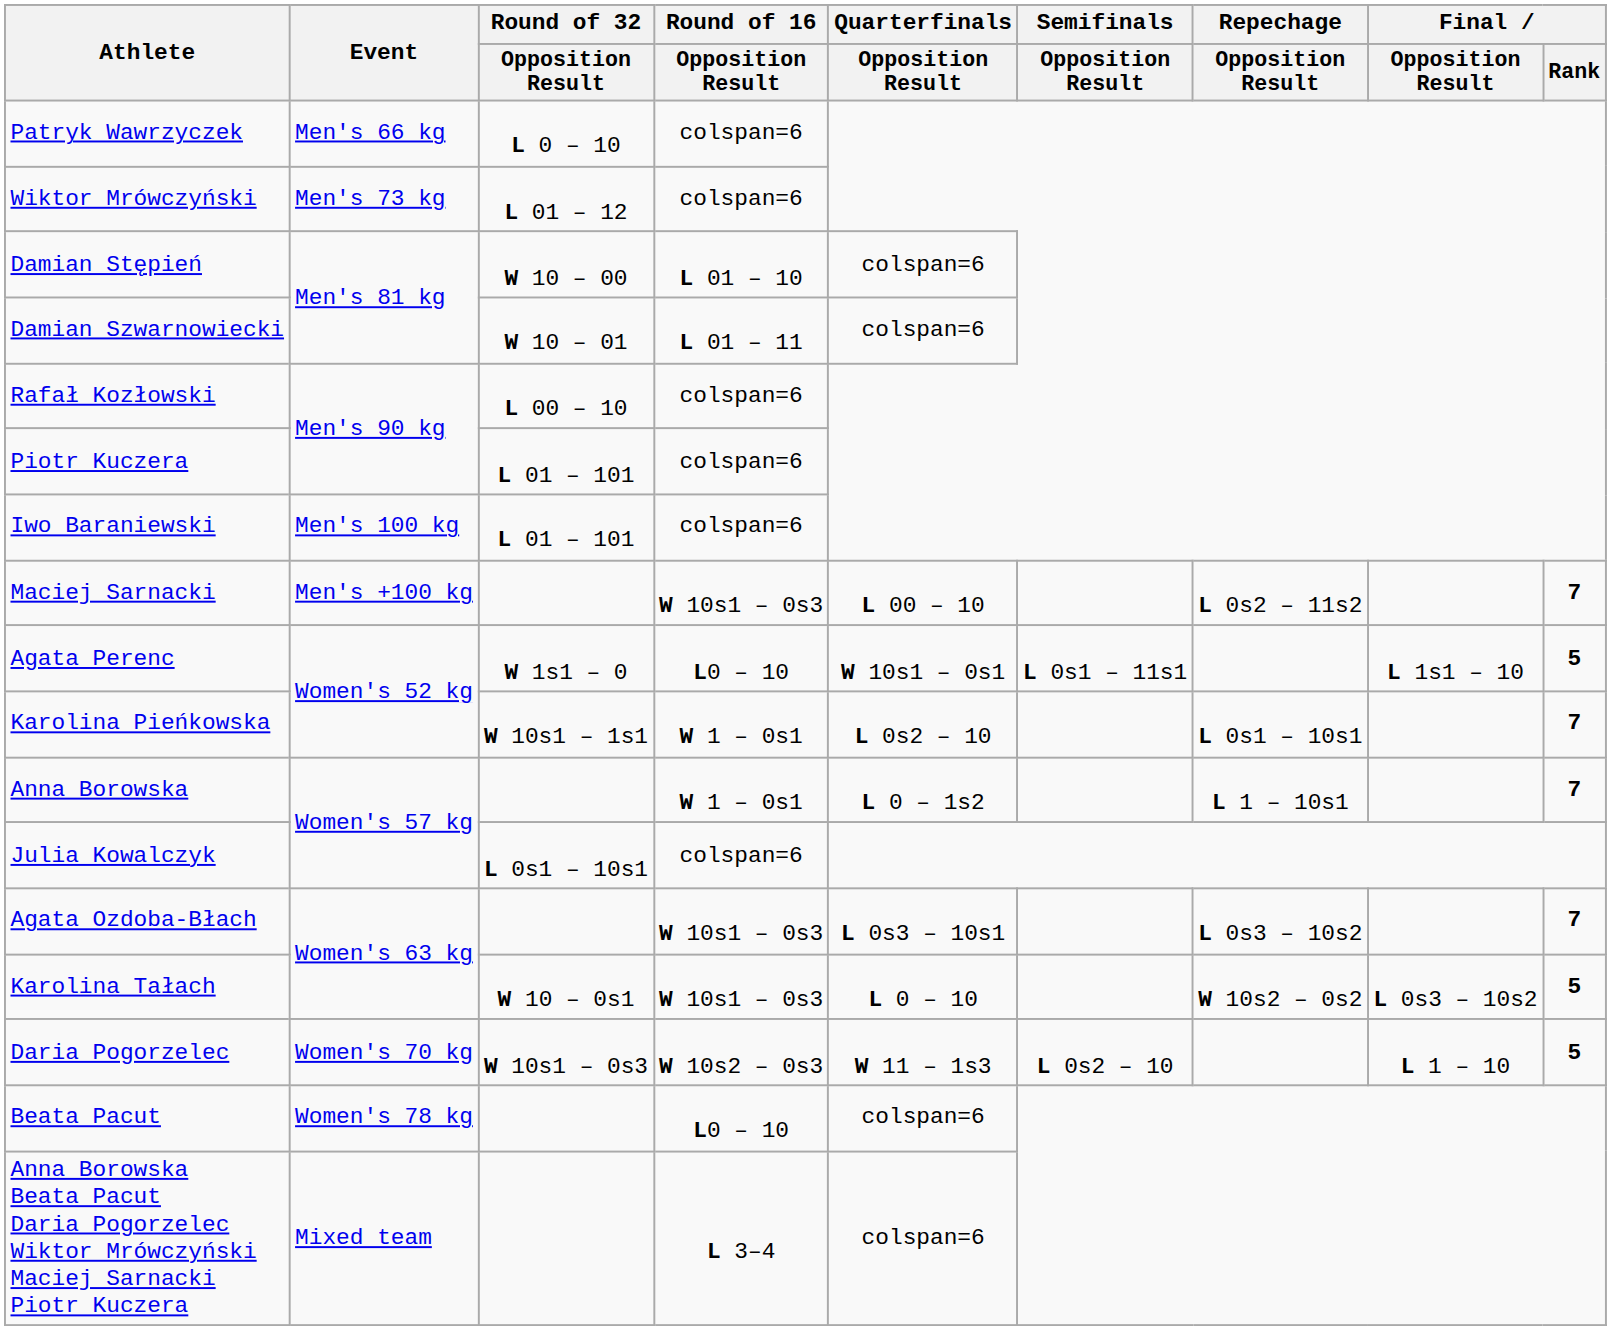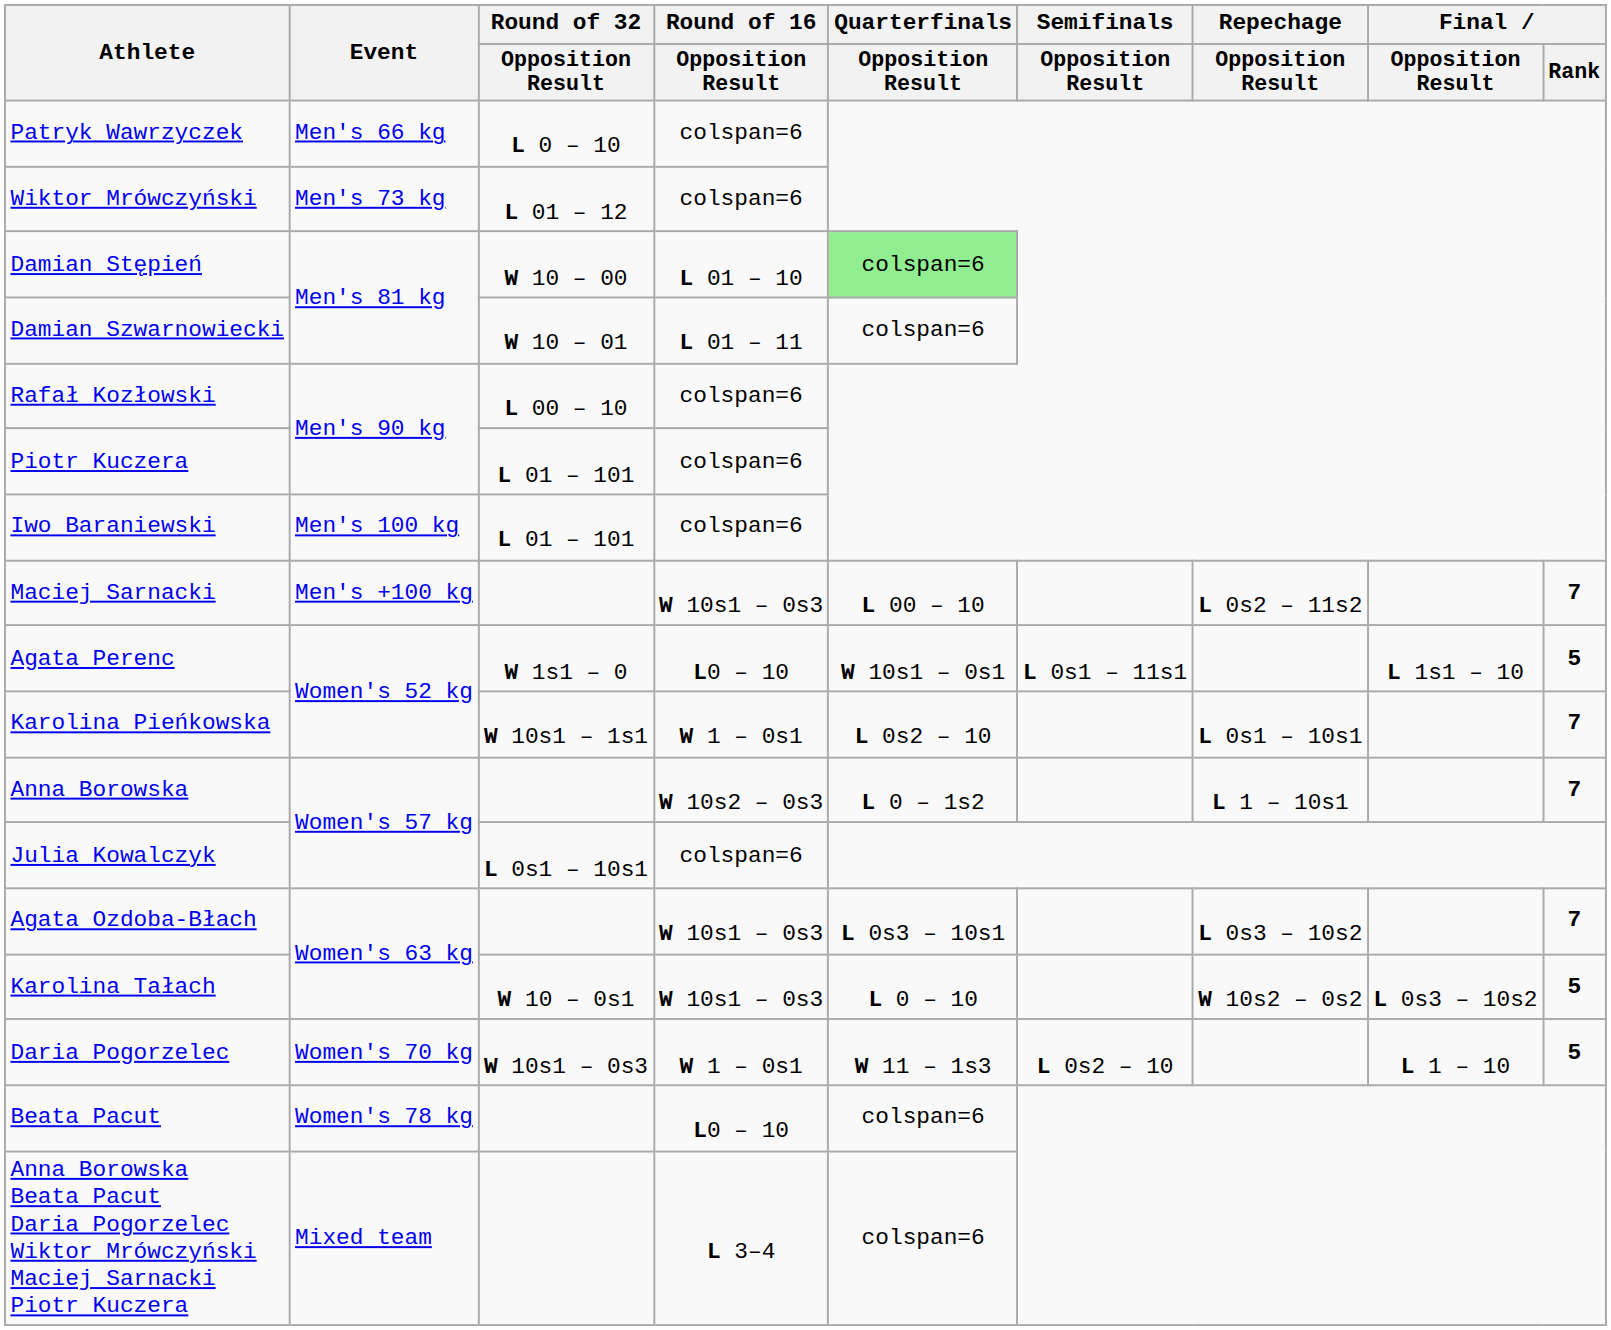 <table class="wikitable" style="font-size:90%">
 <tr>
 <th rowspan="2">Athlete</th>
 <th rowspan="2">Event</th>
 <th>Round of 32</th>
 <th>Round of 16</th>
 <th>Quarterfinals</th>
 <th>Semifinals</th>
 <th>Repechage</th>
 <th colspan=2>Final / </th>
 </tr>
 <tr style="font-size:95%">
 <th>Opposition<br>Result</th>
 <th>Opposition<br>Result</th>
 <th>Opposition<br>Result</th>
 <th>Opposition<br>Result</th>
 <th>Opposition<br>Result</th>
 <th>Opposition<br>Result</th>
 <th>Rank</th>
 </tr>
 <tr align=center>
 <td align=left><a href='#'>Patryk Wawrzyczek</a></td>
 <td align=left><a href='#'>Men's 66 kg</a></td>
 <td><br> <strong>L</strong> 0 – 10</td>
 <td>colspan=6 </td>
 </tr>
 <tr align=center>
 <td align=left><a href='#'>Wiktor Mrówczyński</a></td>
 <td align=left><a href='#'>Men's 73 kg</a></td>
 <td><br> <strong>L</strong> 01 – 12</td>
 <td>colspan=6 </td>
 </tr>
 <tr align=center>
 <td align=left><a href='#'>Damian Stępień</a></td>
 <td rowspan=2 align=left><a href='#'>Men's 81 kg</a></td>
 <td><br> <strong>W</strong> 10 – 00</td>
 <td><br> <strong>L</strong> 01 – 10</td>
-<td>colspan=6 </td>
+<td style="background: lightgreen;">colspan=6 </td>
 </tr>
 <tr align=center>
 <td align=left><a href='#'>Damian Szwarnowiecki</a></td>
 <td><br> <strong>W</strong> 10 – 01</td>
 <td><br> <strong>L</strong> 01 – 11</td>
 <td>colspan=6 </td>
 </tr>
 <tr align=center>
 <td align=left><a href='#'>Rafał Kozłowski</a></td>
 <td rowspan=2 align=left><a href='#'>Men's 90 kg</a></td>
 <td><br> <strong>L</strong> 00 – 10</td>
 <td>colspan=6 </td>
 </tr>
 <tr align=center>
 <td align=left><a href='#'>Piotr Kuczera</a></td>
 <td><br> <strong>L</strong> 01 – 101</td>
 <td>colspan=6 </td>
 </tr>
 <tr align=center>
 <td align=left><a href='#'>Iwo Baraniewski</a></td>
 <td align=left><a href='#'>Men's 100 kg</a></td>
 <td><br> <strong>L</strong> 01 – 101</td>
 <td>colspan=6 </td>
 </tr>
 <tr align=center>
 <td align=left><a href='#'>Maciej Sarnacki</a></td>
 <td align=left><a href='#'>Men's +100 kg</a></td>
 <td></td>
 <td><br> <strong>W</strong> 10s1 – 0s3</td>
 <td><br> <strong>L</strong> 00 – 10</td>
 <td></td>
 <td><br> <strong>L</strong> 0s2 – 11s2</td>
 <td></td>
 <td><strong>7</strong></td>
 </tr>
 <tr align=center>
 <td align=left><a href='#'>Agata Perenc</a></td>
 <td rowspan=2 align=left><a href='#'>Women's 52 kg</a></td>
 <td><br> <strong>W</strong> 1s1 – 0</td>
 <td><br> <strong>L</strong>0 – 10</td>
 <td><br> <strong>W</strong> 10s1 – 0s1</td>
 <td><br> <strong>L</strong> 0s1 – 11s1</td>
 <td></td>
 <td><br> <strong>L</strong> 1s1 – 10</td>
 <td><strong>5</strong></td>
 </tr>
 <tr align=center>
 <td align=left><a href='#'>Karolina Pieńkowska</a></td>
 <td><br> <strong>W</strong> 10s1 – 1s1</td>
 <td><br> <strong>W</strong> 1 – 0s1</td>
 <td><br> <strong>L</strong> 0s2 – 10</td>
 <td></td>
 <td><br> <strong>L</strong> 0s1 – 10s1</td>
 <td></td>
 <td><strong>7</strong></td>
 </tr>
 <tr align=center>
 <td align=left><a href='#'>Anna Borowska</a></td>
 <td rowspan=2 align=left><a href='#'>Women's 57 kg</a></td>
 <td></td>
-<td><br> <strong>W</strong> 1 – 0s1</td>
+<td><br> <strong>W</strong> 10s2 – 0s3</td>
 <td><br> <strong>L</strong> 0 – 1s2</td>
 <td></td>
 <td><br> <strong>L</strong> 1 – 10s1</td>
 <td></td>
 <td><strong>7</strong></td>
 </tr>
 <tr align=center>
 <td align=left><a href='#'>Julia Kowalczyk</a></td>
 <td><br> <strong>L</strong> 0s1 – 10s1</td>
 <td>colspan=6 </td>
 </tr>
 <tr align=center>
 <td align=left><a href='#'>Agata Ozdoba-Błach</a></td>
 <td rowspan=2 align=left><a href='#'>Women's 63 kg</a></td>
 <td></td>
 <td><br> <strong>W</strong> 10s1 – 0s3</td>
 <td><br> <strong>L</strong> 0s3 – 10s1</td>
 <td></td>
 <td><br> <strong>L</strong> 0s3 – 10s2</td>
 <td></td>
 <td><strong>7</strong></td>
 </tr>
 <tr align=center>
 <td align=left><a href='#'>Karolina Tałach</a></td>
 <td><br> <strong>W</strong> 10 – 0s1</td>
 <td><br> <strong>W</strong> 10s1 – 0s3</td>
 <td><br> <strong>L</strong> 0 – 10</td>
 <td></td>
 <td><br> <strong>W</strong> 10s2 – 0s2</td>
 <td><br> <strong>L</strong> 0s3 – 10s2</td>
 <td><strong>5</strong></td>
 </tr>
 <tr align=center>
 <td align=left><a href='#'>Daria Pogorzelec</a></td>
 <td align=left><a href='#'>Women's 70 kg</a></td>
 <td><br> <strong>W</strong> 10s1 – 0s3</td>
-<td><br> <strong>W</strong> 10s2 – 0s3</td>
+<td><br> <strong>W</strong> 1 – 0s1</td>
 <td><br> <strong>W</strong> 11 – 1s3</td>
 <td><br> <strong>L</strong> 0s2 – 10</td>
 <td></td>
 <td><br> <strong>L</strong> 1 – 10</td>
 <td><strong>5</strong></td>
 </tr>
 <tr align=center>
 <td align=left><a href='#'>Beata Pacut</a></td>
 <td align=left><a href='#'>Women's 78 kg</a></td>
 <td></td>
 <td><br> <strong>L</strong>0 – 10</td>
 <td>colspan=6 </td>
 </tr>
 <tr align=center>
 <td align=left><a href='#'>Anna Borowska</a><br><a href='#'>Beata Pacut</a><br><a href='#'>Daria Pogorzelec</a><br><a href='#'>Wiktor Mrówczyński</a><br><a href='#'>Maciej Sarnacki</a><br><a href='#'>Piotr Kuczera</a></td>
 <td align=left><a href='#'>Mixed team</a></td>
 <td></td>
 <td><br> <strong>L</strong> 3–4</td>
 <td>colspan=6 </td>
 </tr>
 </table>
